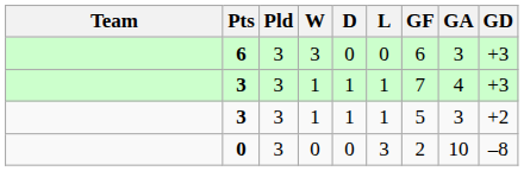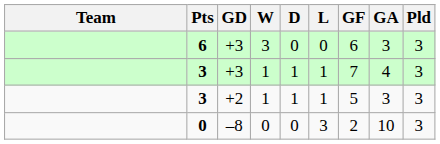 <table class=wikitable style="text-align:center">
 <tr>
 <th width=165>Team</th>
 <th width=20>Pts</th>
-<th width=20>Pld</th>
+<th width=20>GD</th>
 <th width=20>W</th>
 <th width=20>D</th>
 <th width=20>L</th>
 <th width=20>GF</th>
 <th width=20>GA</th>
-<th width=20>GD</th>
+<th width=20>Pld</th>
 </tr>
 <tr align=center style="background:#ccffcc;">
 <td style="text-align:left;"></td>
 <td><strong>6</strong></td>
-<td>3</td>
+<td>+3</td>
 <td>3</td>
 <td>0</td>
 <td>0</td>
 <td>6</td>
 <td>3</td>
-<td>+3</td>
+<td>3</td>
 </tr>
 <tr align=center style="background:#ccffcc;">
 <td style="text-align:left;"></td>
 <td><strong>3</strong></td>
-<td>3</td>
+<td>+3</td>
 <td>1</td>
 <td>1</td>
 <td>1</td>
 <td>7</td>
 <td>4</td>
-<td>+3</td>
+<td>3</td>
 </tr>
 <tr align=center>
 <td style="text-align:left;"></td>
 <td><strong>3</strong></td>
-<td>3</td>
+<td>+2</td>
 <td>1</td>
 <td>1</td>
 <td>1</td>
 <td>5</td>
 <td>3</td>
-<td>+2</td>
+<td>3</td>
 </tr>
 <tr align=center>
 <td style="text-align:left;"></td>
 <td><strong>0</strong></td>
-<td>3</td>
+<td>–8</td>
 <td>0</td>
 <td>0</td>
 <td>3</td>
 <td>2</td>
 <td>10</td>
-<td>–8</td>
+<td>3</td>
 </tr>
 </table>
